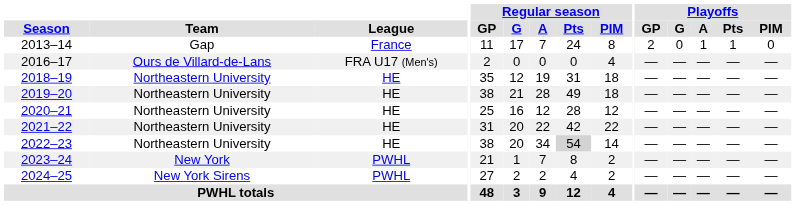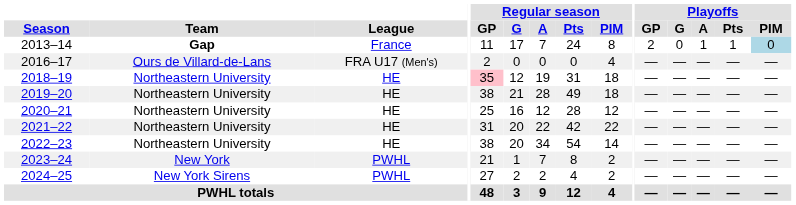 <table border="0" cellpadding="1" cellspacing="0" style="text-align:center; width:60em;">
 <tr bgcolor="#e0e0e0">
 <th colspan="3" bgcolor="#ffffff"></th>
 <th rowspan="94" bgcolor="#ffffff"></th>
 <th colspan="5"><a href='#'>Regular season</a></th>
 <th rowspan="94" bgcolor="#ffffff"></th>
 <th colspan="5"><a href='#'>Playoffs</a></th>
 </tr>
 <tr bgcolor="#e0e0e0">
 <th><a href='#'>Season</a></th>
 <th>Team</th>
 <th>League</th>
 <th>GP</th>
 <th><a href='#'>G</a></th>
 <th><a href='#'>A</a></th>
 <th><a href='#'>Pts</a></th>
 <th><a href='#'>PIM</a></th>
 <th>GP</th>
 <th>G</th>
 <th>A</th>
 <th>Pts</th>
 <th>PIM</th>
 </tr>
 <tr>
 <td>2013–14</td>
-<td>Gap</td>
+<td><strong>Gap</strong></td>
 <td><a href='#'>France</a></td>
 <td>11</td>
 <td>17</td>
 <td>7</td>
 <td>24</td>
 <td>8</td>
 <td>2</td>
 <td>0</td>
 <td>1</td>
 <td>1</td>
-<td>0</td>
+<td style="background: lightblue;">0</td>
 </tr>
 <tr bgcolor="#f0f0f0">
 <td>2016–17</td>
 <td><a href='#'>Ours de Villard-de-Lans</a></td>
 <td>FRA U17 <small>(Men's)</small></td>
 <td>2</td>
 <td>0</td>
 <td>0</td>
 <td>0</td>
 <td>4</td>
 <td>—</td>
 <td>—</td>
 <td>—</td>
 <td>—</td>
 <td>—</td>
 </tr>
 <tr>
 <td><a href='#'>2018–19</a></td>
 <td><a href='#'>Northeastern University</a></td>
 <td><a href='#'>HE</a></td>
-<td>35</td>
+<td style="background: pink;">35</td>
 <td>12</td>
 <td>19</td>
 <td>31</td>
 <td>18</td>
 <td>—</td>
 <td>—</td>
 <td>—</td>
 <td>—</td>
 <td>—</td>
 </tr>
 <tr bgcolor="#f0f0f0">
 <td><a href='#'>2019–20</a></td>
 <td>Northeastern University</td>
 <td>HE</td>
 <td>38</td>
 <td>21</td>
 <td>28</td>
 <td>49</td>
 <td>18</td>
 <td>—</td>
 <td>—</td>
 <td>—</td>
 <td>—</td>
 <td>—</td>
 </tr>
 <tr>
 <td><a href='#'>2020–21</a></td>
 <td>Northeastern University</td>
 <td>HE</td>
 <td>25</td>
 <td>16</td>
 <td>12</td>
 <td>28</td>
 <td>12</td>
 <td>—</td>
 <td>—</td>
 <td>—</td>
 <td>—</td>
 <td>—</td>
 </tr>
 <tr bgcolor="#f0f0f0">
 <td><a href='#'>2021–22</a></td>
 <td>Northeastern University</td>
 <td>HE</td>
 <td>31</td>
 <td>20</td>
 <td>22</td>
 <td>42</td>
 <td>22</td>
 <td>—</td>
 <td>—</td>
 <td>—</td>
 <td>—</td>
 <td>—</td>
 </tr>
 <tr>
 <td><a href='#'>2022–23</a></td>
 <td>Northeastern University</td>
 <td>HE</td>
 <td>38</td>
 <td>20</td>
 <td>34</td>
-<td style="background: lightgrey;">54</td>
+<td>54</td>
 <td>14</td>
 <td>—</td>
 <td>—</td>
 <td>—</td>
 <td>—</td>
 <td>—</td>
 </tr>
 <tr bgcolor="f0f0f0">
 <td><a href='#'>2023–24</a></td>
 <td><a href='#'>New York</a></td>
 <td><a href='#'>PWHL</a></td>
 <td>21</td>
 <td>1</td>
 <td>7</td>
 <td>8</td>
 <td>2</td>
 <td>—</td>
 <td>—</td>
 <td>—</td>
 <td>—</td>
 <td>—</td>
 </tr>
 <tr>
 <td><a href='#'>2024–25</a></td>
 <td><a href='#'>New York Sirens</a></td>
 <td><a href='#'>PWHL</a></td>
 <td>27</td>
 <td>2</td>
 <td>2</td>
 <td>4</td>
 <td>2</td>
 <td>—</td>
 <td>—</td>
 <td>—</td>
 <td>—</td>
 <td>—</td>
 </tr>
 <tr bgcolor="#e0e0e0">
 <th colspan="3">PWHL totals</th>
 <th>48</th>
 <th>3</th>
 <th>9</th>
 <th>12</th>
 <th>4</th>
 <th>—</th>
 <th>—</th>
 <th>—</th>
 <th>—</th>
 <th>—</th>
 </tr>
 </table>
